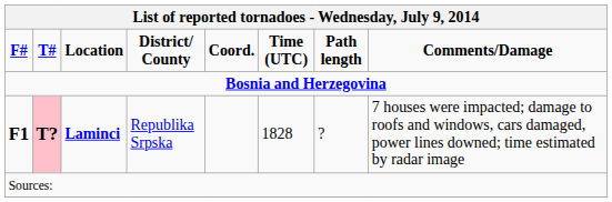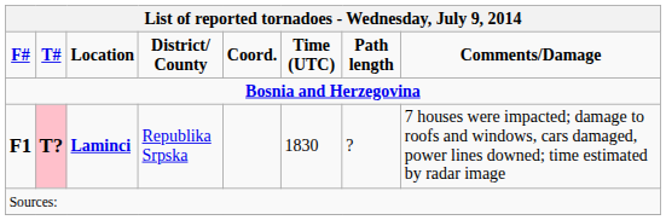 <table class="wikitable collapsible" width="100%">
 <tr>
 <th colspan="8">List of reported tornadoes - Wednesday, July 9, 2014</th>
 </tr>
 <tr>
 <td style="text-align: center;"><strong><a href='#'>F#</a></strong></td>
 <td style="text-align: center;"><strong><a href='#'>T#</a></strong></td>
 <td style="text-align: center;"><strong>Location</strong></td>
 <td style="text-align: center;"><strong>District/<br>County</strong></td>
 <td style="text-align: center;"><strong>Coord.</strong></td>
 <td style="text-align: center;"><strong>Time (UTC)</strong></td>
 <td style="text-align: center;"><strong>Path length</strong></td>
 <td style="text-align: center;"><strong>Comments/Damage</strong></td>
 </tr>
 <tr>
 <td colspan="8" align=center><strong><a href='#'>Bosnia and Herzegovina</a></strong></td>
 </tr>
 <tr>
 <td><big><strong>F1</strong></big></td>
 <td style="background: pink;"><big><strong>T?</strong></big></td>
 <td><strong><a href='#'>Laminci</a></strong></td>
 <td><a href='#'>Republika Srpska</a></td>
 <td></td>
-<td>1828</td>
+<td>1830</td>
 <td>?</td>
 <td>7 houses were impacted; damage to roofs and windows, cars damaged, power lines downed; time estimated by radar image</td>
 </tr>
 <tr>
 <td colspan="8"><small>Sources:</small></td>
 </tr>
 <tr>
 </tr>
 </table>
